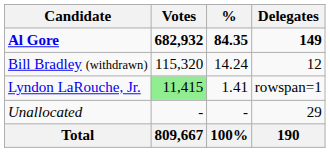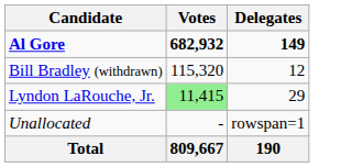 <table class="wikitable sortable" style="text-align:right;">
 <tr>
 <th>Candidate</th>
 <th>Votes</th>
-<th>%</th>
 <th>Delegates</th>
 </tr>
 <tr>
 <td style="text-align:left;" data-sort-value="Gore, Al"><strong><a href='#'>Al Gore</a></strong></td>
 <td><strong>682,932</strong></td>
-<td><strong>84.35</strong></td>
 <td><strong>149</strong></td>
 </tr>
 <tr>
 <td style="text-align:left;" data-sort-value="Bradley, Bill"><a href='#'>Bill Bradley</a> <small>(withdrawn)</small></td>
 <td>115,320</td>
-<td>14.24</td>
 <td>12</td>
 </tr>
 <tr>
 <td style="text-align:left;" data-sort-value="LaRouche, Jr., Lyndon"><a href='#'>Lyndon LaRouche, Jr.</a></td>
 <td style="background: lightgreen;">11,415</td>
-<td>1.41</td>
-<td>rowspan=1 </td>
+<td>29</td>
 </tr>
 <tr>
 <td style="text-align:left;" data-sort-value="ZZZ"><em>Unallocated</em></td>
 <td>-</td>
-<td>-</td>
-<td>29</td>
+<td>rowspan=1 </td>
 </tr>
 <tr>
 <th>Total</th>
 <th>809,667</th>
-<th>100%</th>
 <th>190</th>
 </tr>
 </table>
